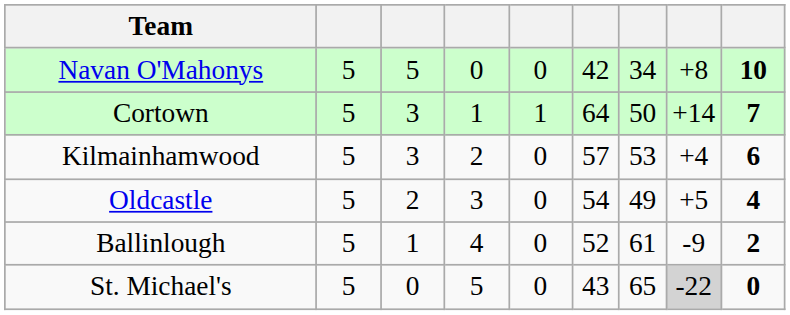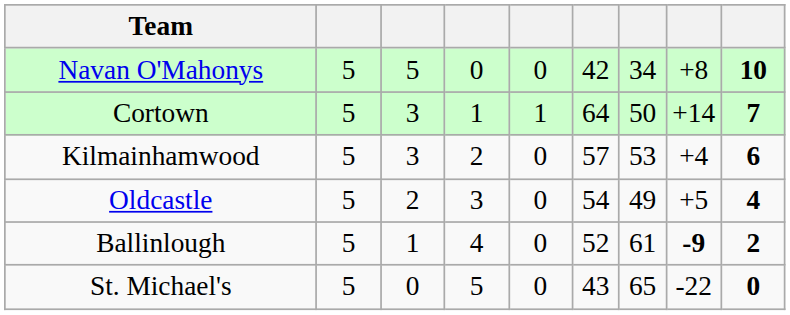 <table class="wikitable" style="text-align:center">
 <tr>
 <th width="175">Team</th>
 <th width="30"></th>
 <th width="30"></th>
 <th width="30"></th>
 <th width="30"></th>
 <th width="20"></th>
 <th width="20"></th>
 <th width="20"></th>
 <th width="30"></th>
 </tr>
 <tr style="background:#cfc;">
 <td><a href='#'>Navan O'Mahonys</a></td>
 <td>5</td>
 <td>5</td>
 <td>0</td>
 <td>0</td>
 <td>42</td>
 <td>34</td>
 <td>+8</td>
 <td><strong>10</strong></td>
 </tr>
 <tr style="background:#cfc;">
 <td>Cortown</td>
 <td>5</td>
 <td>3</td>
 <td>1</td>
 <td>1</td>
 <td>64</td>
 <td>50</td>
 <td>+14</td>
 <td><strong>7</strong></td>
 </tr>
 <tr>
 <td>Kilmainhamwood</td>
 <td>5</td>
 <td>3</td>
 <td>2</td>
 <td>0</td>
 <td>57</td>
 <td>53</td>
 <td>+4</td>
 <td><strong>6</strong></td>
 </tr>
 <tr>
 <td><a href='#'>Oldcastle</a></td>
 <td>5</td>
 <td>2</td>
 <td>3</td>
 <td>0</td>
 <td>54</td>
 <td>49</td>
 <td>+5</td>
 <td><strong>4</strong></td>
 </tr>
 <tr>
 <td>Ballinlough</td>
 <td>5</td>
 <td>1</td>
 <td>4</td>
 <td>0</td>
 <td>52</td>
 <td>61</td>
-<td>-9</td>
+<td><strong>-9</strong></td>
 <td><strong>2</strong></td>
 </tr>
 <tr>
 <td>St. Michael's</td>
 <td>5</td>
 <td>0</td>
 <td>5</td>
 <td>0</td>
 <td>43</td>
 <td>65</td>
-<td style="background: lightgrey;">-22</td>
+<td>-22</td>
 <td><strong>0</strong></td>
 </tr>
 </table>
